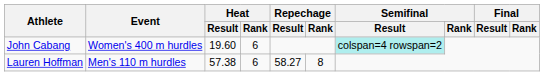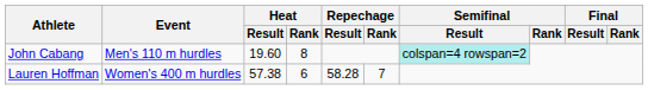 <table class="wikitable" style="font-size:90%">
 <tr>
 <th rowspan="2">Athlete</th>
 <th rowspan="2">Event</th>
 <th colspan="2">Heat</th>
 <th colspan="2">Repechage</th>
 <th colspan="2">Semifinal</th>
 <th colspan="2">Final</th>
 </tr>
 <tr style="font-size:95%">
 <th>Result</th>
 <th>Rank</th>
 <th>Result</th>
 <th>Rank</th>
 <th>Result</th>
 <th>Rank</th>
 <th>Result</th>
 <th>Rank</th>
 </tr>
 <tr align="center">
 <td align="left"><a href='#'>John Cabang</a></td>
-<td align="left"><a href='#'>Women's 400 m hurdles</a></td>
+<td align="left"><a href='#'>Men's 110 m hurdles</a></td>
 <td>19.60</td>
-<td>6 <strong>  </strong></td>
+<td>8 <strong>  </strong></td>
 <td colspan=2></td>
 <td style="background: paleturquoise;">colspan=4 rowspan=2 </td>
 </tr>
 <tr align="center">
 <td align="left"><a href='#'>Lauren Hoffman</a></td>
-<td align="left"><a href='#'>Men's 110 m hurdles</a></td>
+<td align="left"><a href='#'>Women's 400 m hurdles</a></td>
 <td>57.38</td>
 <td>6 <strong>  </strong></td>
-<td>58.27</td>
-<td>8</td>
+<td>58.28</td>
+<td>7</td>
 </tr>
 </table>
